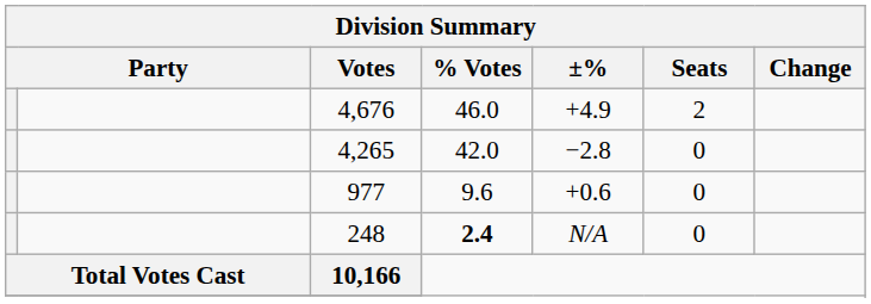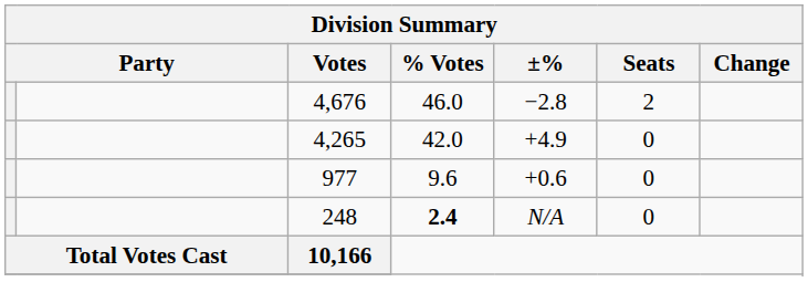 <table class="wikitable" style="font-size: 95%;">
 <tr>
 <th colspan="7">Division Summary</th>
 </tr>
 <tr>
 <th colspan="2">Party</th>
 <th style="width: 60px">Votes</th>
 <th style="width: 60px">% Votes</th>
 <th style="width: 60px">±%</th>
 <th style="width: 60px">Seats</th>
 <th style="width: 60px">Change</th>
 </tr>
 <tr>
 <th style="background-color: "></th>
 <td style="width: 170px"><a href='#'></a></td>
 <td align="center">4,676</td>
 <td align="center">46.0</td>
-<td align="center">+4.9</td>
+<td align="center">−2.8</td>
 <td align="center">2</td>
 <td align="center"></td>
 </tr>
 <tr>
 <th style="background-color: "></th>
 <td style="width: 170px"><a href='#'></a></td>
 <td align="center">4,265</td>
 <td align="center">42.0</td>
-<td align="center">−2.8</td>
+<td align="center">+4.9</td>
 <td align="center">0</td>
 <td align="center"></td>
 </tr>
 <tr>
 <th style="background-color: "></th>
 <td style="width: 170px"><a href='#'></a></td>
 <td align="center">977</td>
 <td align="center">9.6</td>
 <td align="center">+0.6</td>
 <td align="center">0</td>
 <td align="center"></td>
 </tr>
 <tr>
 <th style="background-color: "></th>
 <td style="width: 170px"><a href='#'></a></td>
 <td align="center">248</td>
 <td align="center"><strong>2.4</strong></td>
 <td align="center"><em>N/A</em></td>
 <td align="center">0</td>
 <td align="center"></td>
 </tr>
 <tr style="background-color:#E9E9E9">
 <th colspan="2">Total Votes Cast</th>
 <th style="width: 60px">10,166</th>
 </tr>
 <tr style="background-color:#E9E9E9">
 </tr>
 </table>
